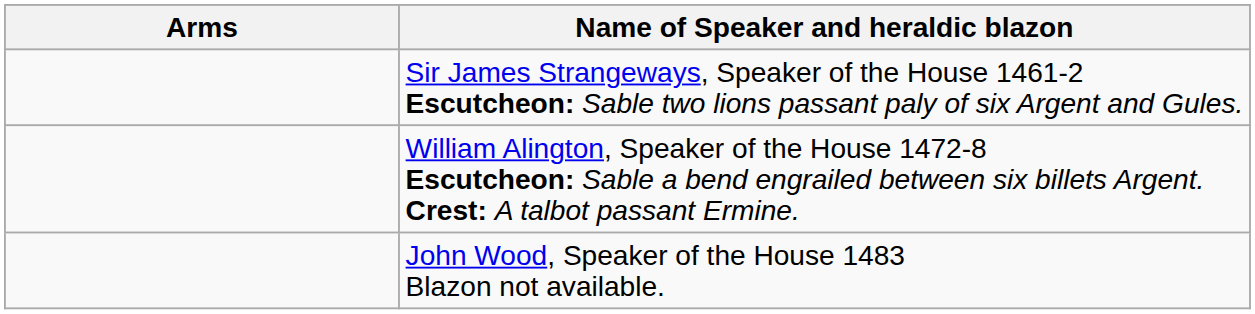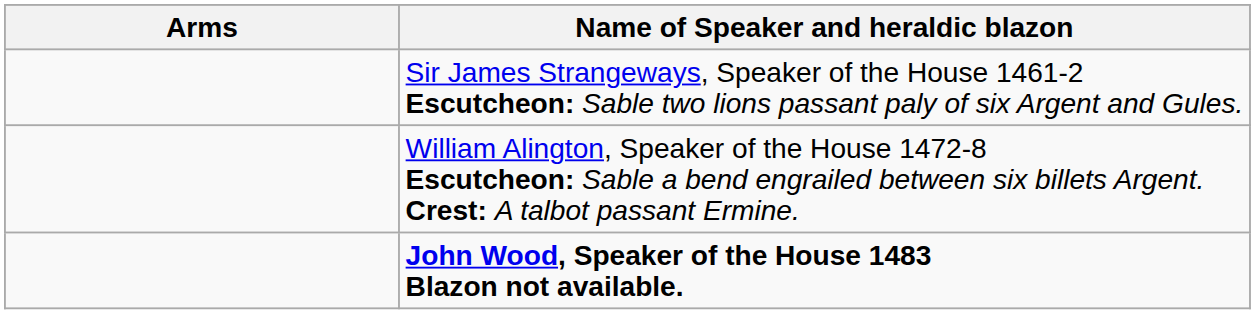 <table class=wikitable style=font-size:95%>
 <tr style="vertical-align:top; text-align:center;">
 <th style="width:206px;">Arms</th>
 <th>Name of Speaker and heraldic blazon</th>
 </tr>
 <tr valign=top>
 <td align=center></td>
 <td><a href='#'>Sir James Strangeways</a>, Speaker of the House 1461-2<br><strong>Escutcheon:</strong> <em>Sable two lions passant paly of six Argent and Gules.</em></td>
 </tr>
 <tr valign=top>
 <td align=center></td>
 <td><a href='#'>William Alington</a>, Speaker of the House 1472-8<br><strong>Escutcheon:</strong> <em>Sable a bend engrailed between six billets Argent.</em><br> <strong>Crest:</strong> <em>A talbot passant Ermine.</em></td>
 </tr>
 <tr valign=top>
 <td align=center></td>
-<td><a href='#'>John Wood</a>, Speaker of the House 1483<br>Blazon not available.</td>
+<td><strong><a href='#'>John Wood</a>, Speaker of the House 1483<br>Blazon not available.</strong></td>
 </tr>
 </table>
